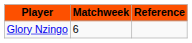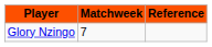 <table class=wikitable>
 <tr>
 <th style="background:#FD5000; color:#000000;">Player</th>
 <th style="background:#FD5000; color:#000000;">Matchweek</th>
 <th style="background:#FD5000; color:#000000;">Reference</th>
 </tr>
 <tr>
 <td align=center> <a href='#'>Glory Nzingo</a></td>
-<td>6</td>
+<td>7</td>
 <td align=center></td>
 </tr>
 </table>
